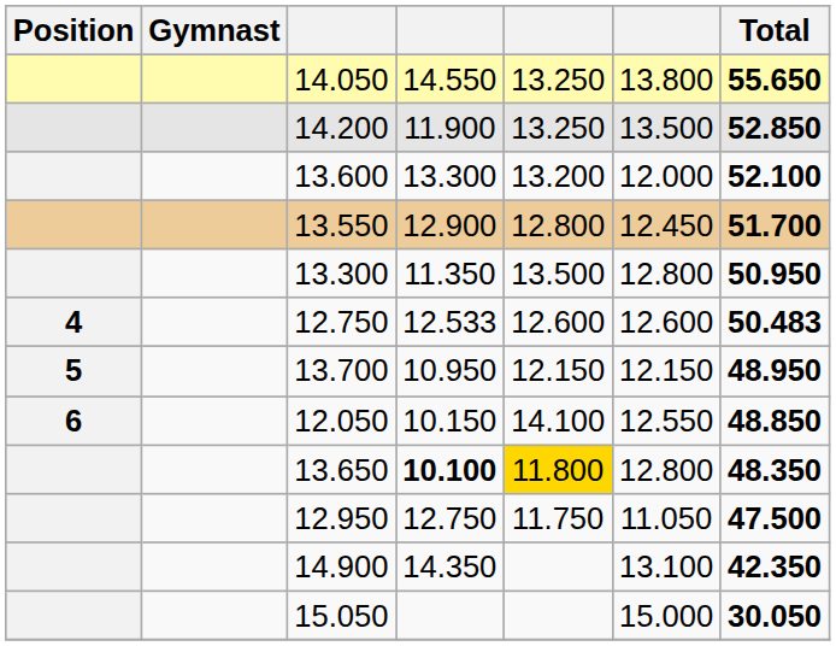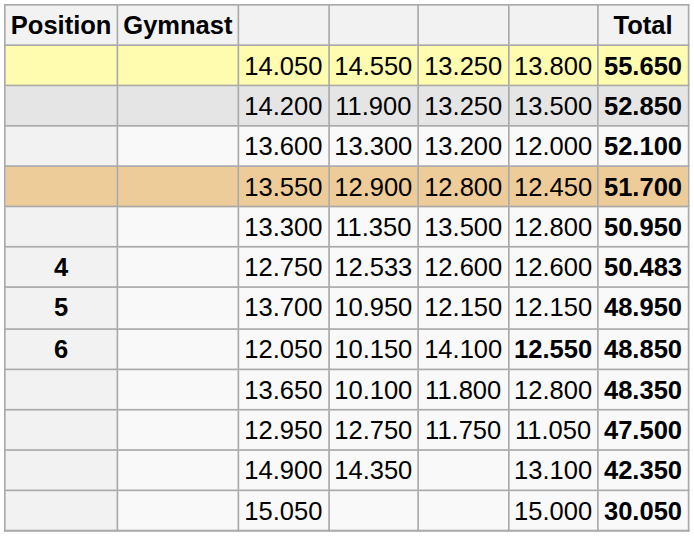 <table class="wikitable sortable" style="text-align:center; font-size:95%">
 <tr>
 <th>Position</th>
 <th>Gymnast</th>
 <th></th>
 <th></th>
 <th></th>
 <th></th>
 <th>Total</th>
 </tr>
 <tr bgcolor=fffcaf>
 <td></td>
 <td align=left></td>
 <td>14.050</td>
 <td>14.550</td>
 <td>13.250</td>
 <td>13.800</td>
 <td><strong>55.650</strong></td>
 </tr>
 <tr bgcolor=e5e5e5>
 <td></td>
 <td align=left></td>
 <td>14.200</td>
 <td>11.900</td>
 <td>13.250</td>
 <td>13.500</td>
 <td><strong>52.850</strong></td>
 </tr>
 <tr>
 <th></th>
 <td align=left></td>
 <td>13.600</td>
 <td>13.300</td>
 <td>13.200</td>
 <td>12.000</td>
 <td><strong>52.100</strong></td>
 </tr>
 <tr bgcolor=eecc99>
 <td></td>
 <td align=left></td>
 <td>13.550</td>
 <td>12.900</td>
 <td>12.800</td>
 <td>12.450</td>
 <td><strong>51.700</strong></td>
 </tr>
 <tr>
 <th></th>
 <td align=left></td>
 <td>13.300</td>
 <td>11.350</td>
 <td>13.500</td>
 <td>12.800</td>
 <td><strong>50.950</strong></td>
 </tr>
 <tr>
 <th><strong>4</strong></th>
 <td align=left></td>
 <td>12.750</td>
 <td>12.533</td>
 <td>12.600</td>
 <td>12.600</td>
 <td><strong>50.483</strong></td>
 </tr>
 <tr>
 <th><strong>5</strong></th>
 <td align=left></td>
 <td>13.700</td>
 <td>10.950</td>
 <td>12.150</td>
 <td>12.150</td>
 <td><strong>48.950</strong></td>
 </tr>
 <tr>
 <th><strong>6</strong></th>
 <td align=left></td>
 <td>12.050</td>
 <td>10.150</td>
 <td>14.100</td>
-<td>12.550</td>
+<td><strong>12.550</strong></td>
 <td><strong>48.850</strong></td>
 </tr>
 <tr>
 <th></th>
 <td align=left></td>
 <td>13.650</td>
-<td><strong>10.100</strong></td>
-<td style="background: gold;">11.800</td>
+<td>10.100</td>
+<td>11.800</td>
 <td>12.800</td>
 <td><strong>48.350</strong></td>
 </tr>
 <tr>
 <th></th>
 <td align=left></td>
 <td>12.950</td>
 <td>12.750</td>
 <td>11.750</td>
 <td>11.050</td>
 <td><strong>47.500</strong></td>
 </tr>
 <tr>
 <th></th>
 <td align=left></td>
 <td>14.900</td>
 <td>14.350</td>
 <td></td>
 <td>13.100</td>
 <td><strong>42.350</strong></td>
 </tr>
 <tr>
 <th></th>
 <td align=left></td>
 <td>15.050</td>
 <td></td>
 <td></td>
 <td>15.000</td>
 <td><strong>30.050</strong></td>
 </tr>
 <tr>
 </tr>
 </table>
